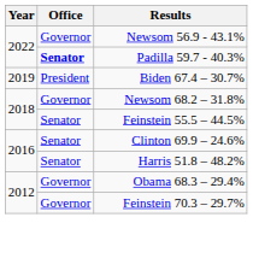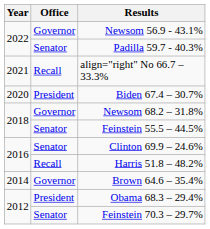 <table class=wikitable>
 <tr>
 <th width="30">Year</th>
 <th width="60">Office</th>
 <th width="180">Results</th>
 </tr>
 <tr>
 <td rowspan="2">2022</td>
 <td><a href='#'>Governor</a></td>
 <td align="right" ><a href='#'>Newsom</a> 56.9 - 43.1%</td>
 </tr>
 <tr>
-<td><strong><a href='#'>Senator</a></strong></td>
+<td><a href='#'>Senator</a></td>
 <td align="right" ><a href='#'>Padilla</a> 59.7 - 40.3%</td>
 </tr>
 <tr>
-<td rowspan="1">2019</td>
+<td>2021</td>
+<td><a href='#'>Recall</a></td>
+<td>align="right"  No 66.7 – 33.3%</td>
+</tr>
+<tr>
+<td rowspan="1">2020</td>
 <td><a href='#'>President</a></td>
 <td align="right" ><a href='#'>Biden</a> 67.4 – 30.7%</td>
 </tr>
 <tr>
 <td rowspan="2">2018</td>
 <td><a href='#'>Governor</a></td>
 <td align="right" ><a href='#'>Newsom</a> 68.2 – 31.8%</td>
 </tr>
 <tr>
 <td><a href='#'>Senator</a></td>
 <td align="right" ><a href='#'>Feinstein</a> 55.5 – 44.5%</td>
 </tr>
 <tr>
 <td rowspan="2">2016</td>
 <td><a href='#'>Senator</a></td>
 <td align="right" ><a href='#'>Clinton</a> 69.9 – 24.6%</td>
 </tr>
 <tr>
-<td><a href='#'>Senator</a></td>
+<td><a href='#'>Recall</a></td>
 <td align="right" ><a href='#'>Harris</a> 51.8 – 48.2%</td>
 </tr>
 <tr>
+<td>2014</td>
+<td><a href='#'>Governor</a></td>
+<td align="right" ><a href='#'>Brown</a> 64.6 – 35.4%</td>
+</tr>
+<tr>
 <td rowspan="2">2012</td>
-<td><a href='#'>Governor</a></td>
+<td><a href='#'>President</a></td>
 <td align="right" ><a href='#'>Obama</a> 68.3 – 29.4%</td>
 </tr>
 <tr>
-<td><a href='#'>Governor</a></td>
+<td><a href='#'>Senator</a></td>
 <td align="right" ><a href='#'>Feinstein</a> 70.3 – 29.7%</td>
 </tr>
 </table>
